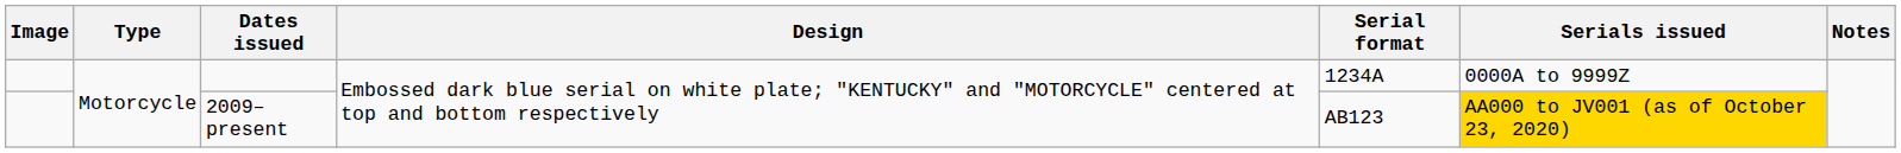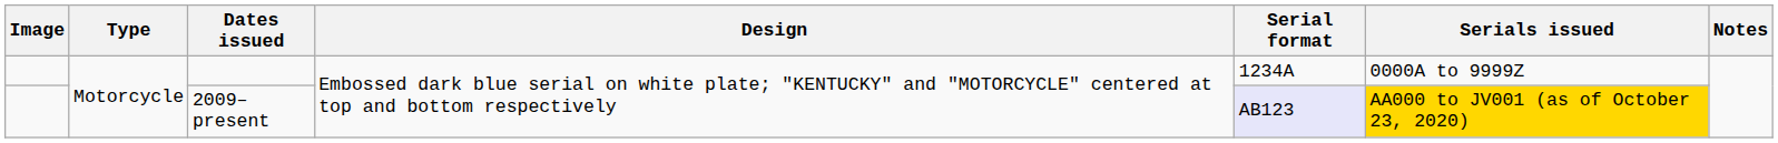 <table class="wikitable">
 <tr>
 <th>Image</th>
 <th>Type</th>
 <th>Dates issued</th>
 <th>Design</th>
 <th>Serial format</th>
 <th>Serials issued</th>
 <th>Notes</th>
 </tr>
 <tr>
 <td></td>
 <td rowspan="2">Motorcycle</td>
 <td></td>
 <td rowspan="2">Embossed dark blue serial on white plate; "KENTUCKY" and "MOTORCYCLE" centered at top and bottom respectively</td>
 <td>1234A</td>
 <td>0000A to 9999Z</td>
 <td rowspan="2"></td>
 </tr>
 <tr>
 <td></td>
 <td>2009–<br>present</td>
-<td>AB123</td>
+<td style="background: lavender;">AB123</td>
 <td style="background: gold;">AA000 to JV001 (as of October 23, 2020)</td>
 </tr>
 </table>
